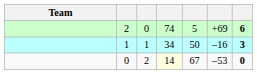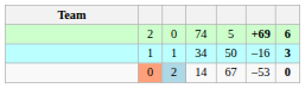 <table class="wikitable" style="text-align:center;">
 <tr>
 <th style="width:10.5em;">Team</th>
 <th style="width:1.5em;"></th>
 <th style="width:1.5em;"></th>
 <th style="width:2.0em;"></th>
 <th style="width:2.0em;"></th>
 <th style="width:2.0em;"></th>
 <th style="width:1.5em;"></th>
 </tr>
 <tr bgcolor=#cfc>
 <td align="left"></td>
 <td>2</td>
 <td>0</td>
 <td>74</td>
 <td>5</td>
-<td>+69</td>
+<td><strong>+69</strong></td>
 <td><strong>6</strong></td>
 </tr>
 <tr bgcolor=#bff>
 <td align="left"></td>
 <td>1</td>
 <td>1</td>
 <td>34</td>
 <td>50</td>
 <td>–16</td>
 <td><strong>3</strong></td>
 </tr>
 <tr>
 <td align="left"></td>
-<td>0</td>
-<td>2</td>
-<td style="background: lightyellow;">14</td>
+<td style="background: lightsalmon;">0</td>
+<td style="background: lightblue;">2</td>
+<td>14</td>
 <td>67</td>
 <td>–53</td>
 <td><strong>0</strong></td>
 </tr>
 </table>
